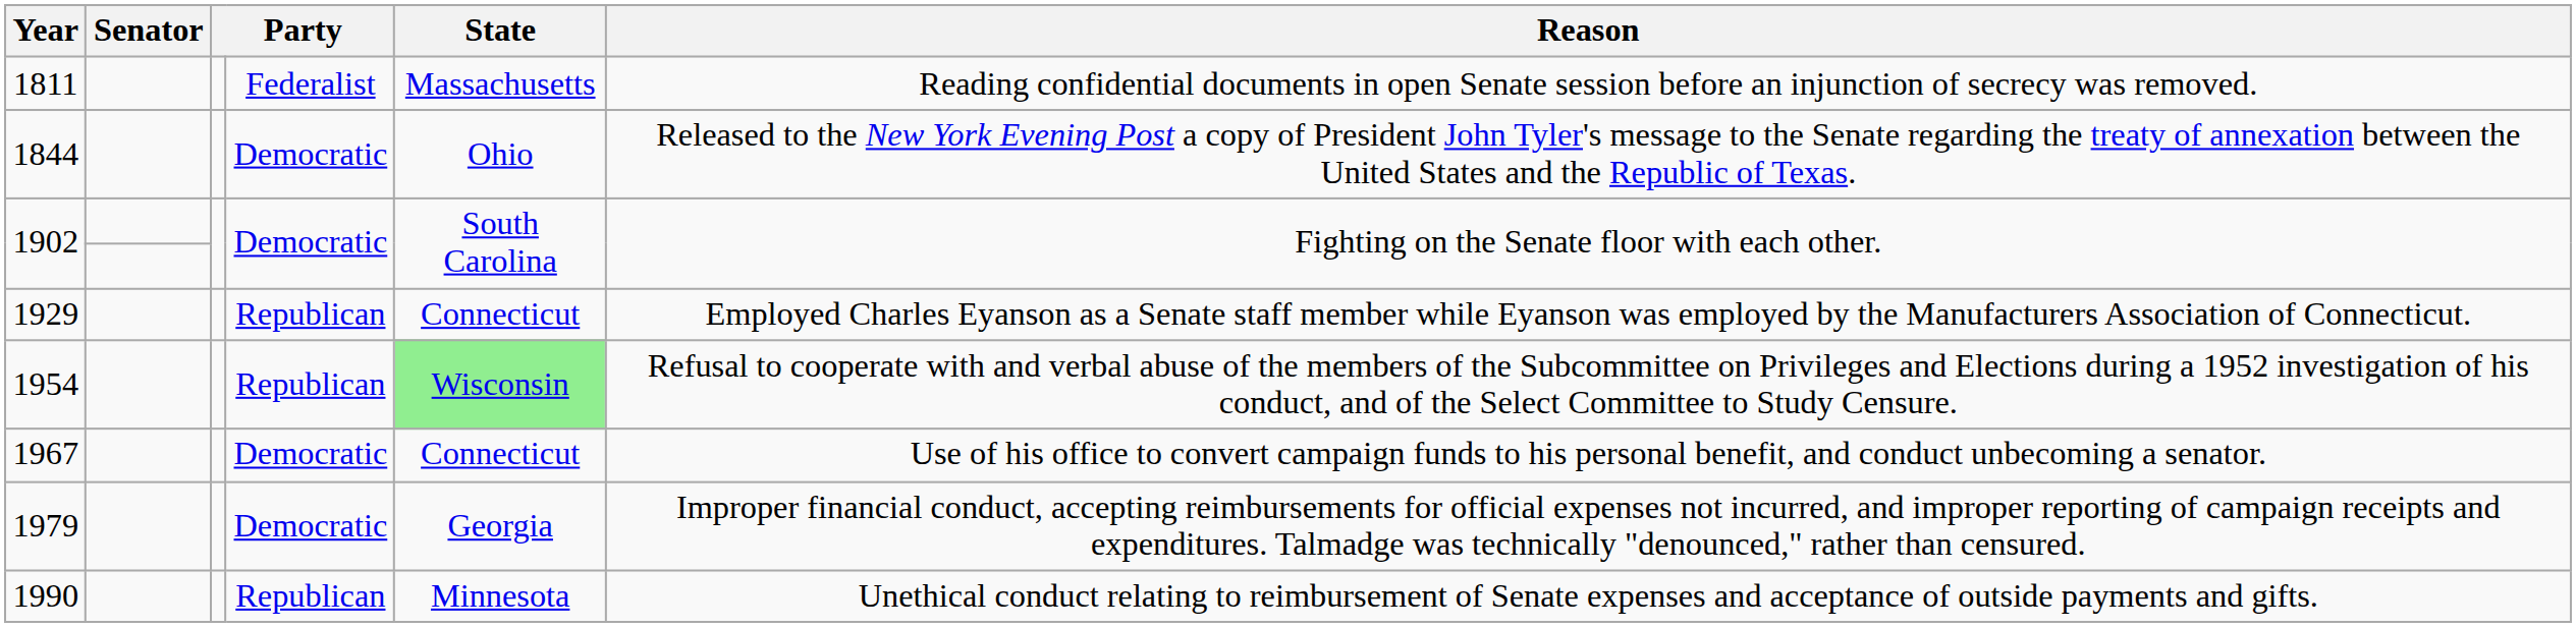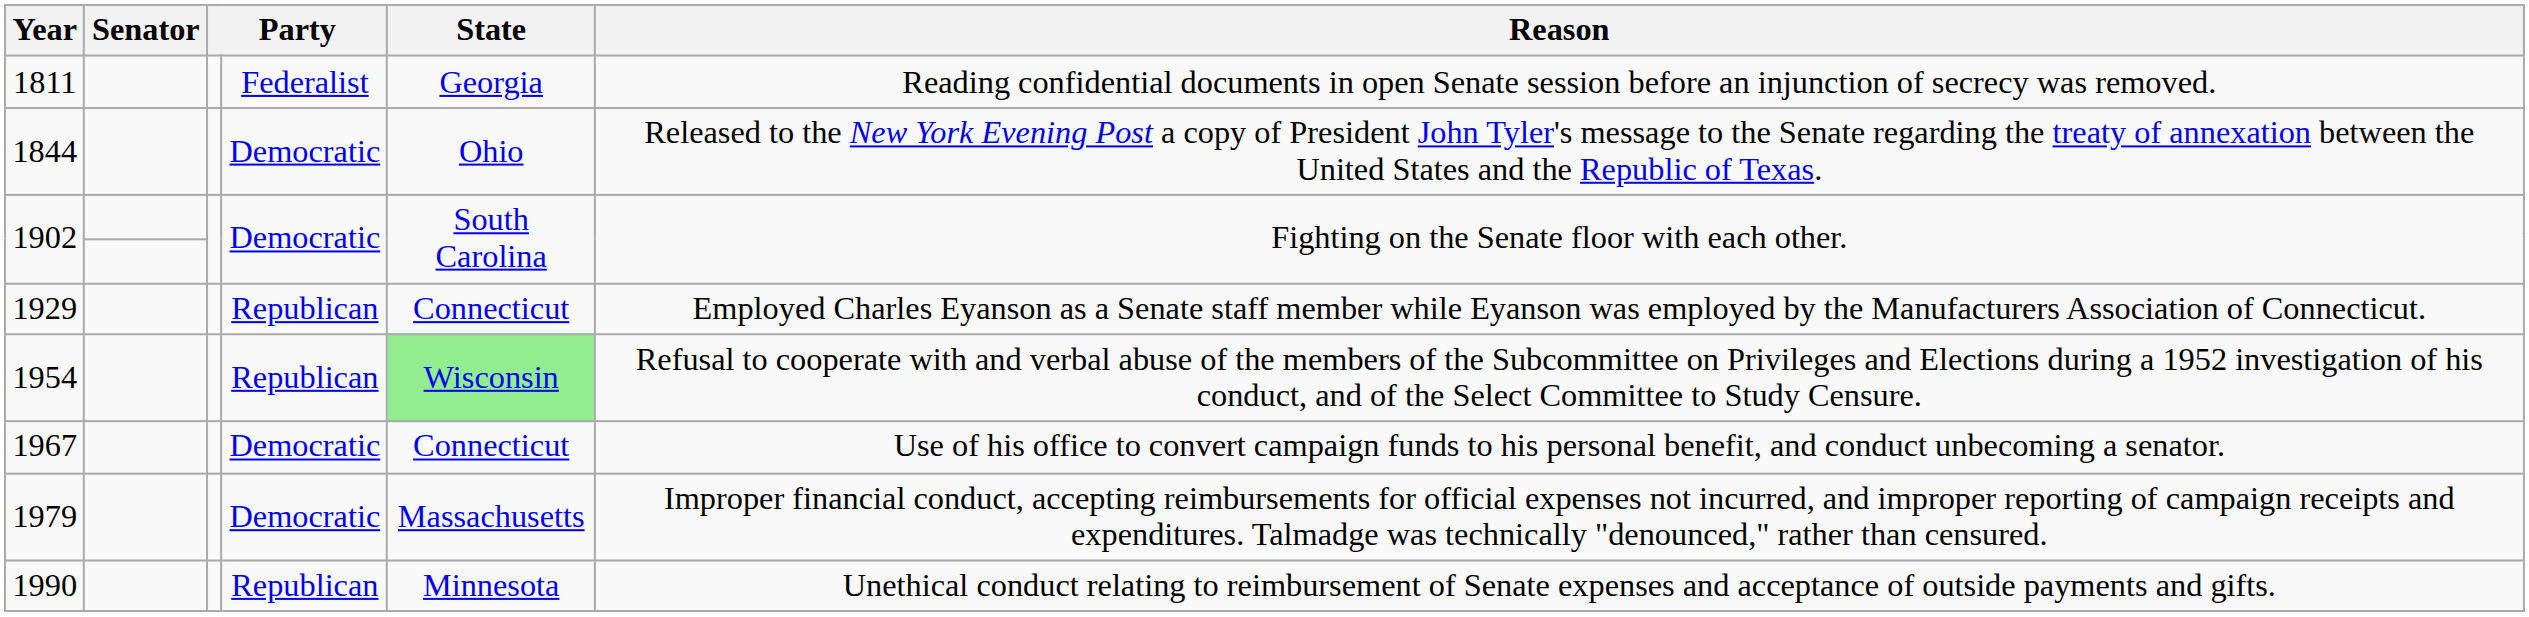 <table class="wikitable sortable" style="text-align:center">
 <tr>
 <th>Year</th>
 <th>Senator</th>
 <th colspan=2>Party</th>
 <th>State</th>
 <th>Reason</th>
 </tr>
 <tr>
 <td>1811</td>
 <td></td>
 <td style="background-color:"></td>
 <td><a href='#'>Federalist</a></td>
-<td><a href='#'>Massachusetts</a></td>
+<td><a href='#'>Georgia</a></td>
 <td>Reading confidential documents in open Senate session before an injunction of secrecy was removed.</td>
 </tr>
 <tr>
 <td>1844</td>
 <td></td>
 <td style="background-color:"></td>
 <td><a href='#'>Democratic</a></td>
 <td><a href='#'>Ohio</a></td>
 <td>Released to the <em><a href='#'>New York Evening Post</a></em> a copy of President <a href='#'>John Tyler</a>'s message to the Senate regarding the <a href='#'>treaty of annexation</a> between the United States and the <a href='#'>Republic of Texas</a>.</td>
 </tr>
 <tr>
 <td rowspan=2>1902</td>
 <td></td>
 <td rowspan=2 style="background-color:"></td>
 <td rowspan=2><a href='#'>Democratic</a></td>
 <td rowspan=2><a href='#'>South Carolina</a></td>
 <td rowspan=2>Fighting on the Senate floor with each other.</td>
 </tr>
 <tr>
 <td></td>
 </tr>
 <tr>
 <td>1929</td>
 <td></td>
 <td style="background-color:"></td>
 <td><a href='#'>Republican</a></td>
 <td><a href='#'>Connecticut</a></td>
 <td>Employed Charles Eyanson as a Senate staff member while Eyanson was employed by the Manufacturers Association of Connecticut.</td>
 </tr>
 <tr>
 <td>1954</td>
 <td></td>
 <td style="background-color:"></td>
 <td><a href='#'>Republican</a></td>
 <td style="background: lightgreen;"><a href='#'>Wisconsin</a></td>
 <td>Refusal to cooperate with and verbal abuse of the members of the Subcommittee on Privileges and Elections during a 1952 investigation of his conduct, and of the Select Committee to Study Censure.</td>
 </tr>
 <tr>
 <td>1967</td>
 <td></td>
 <td style="background-color:"></td>
 <td><a href='#'>Democratic</a></td>
 <td><a href='#'>Connecticut</a></td>
 <td>Use of his office to convert campaign funds to his personal benefit, and conduct unbecoming a senator.</td>
 </tr>
 <tr>
 <td>1979</td>
 <td></td>
 <td style="background-color:"></td>
 <td><a href='#'>Democratic</a></td>
-<td><a href='#'>Georgia</a></td>
+<td><a href='#'>Massachusetts</a></td>
 <td>Improper financial conduct, accepting reimbursements for official expenses not incurred, and improper reporting of campaign receipts and expenditures. Talmadge was technically "denounced," rather than censured.</td>
 </tr>
 <tr>
 <td>1990</td>
 <td></td>
 <td style="background-color:"></td>
 <td><a href='#'>Republican</a></td>
 <td><a href='#'>Minnesota</a></td>
 <td>Unethical conduct relating to reimbursement of Senate expenses and acceptance of outside payments and gifts.</td>
 </tr>
 </table>
